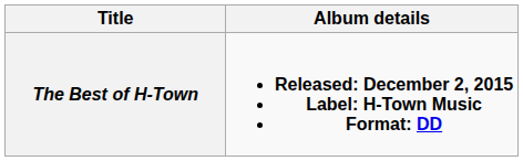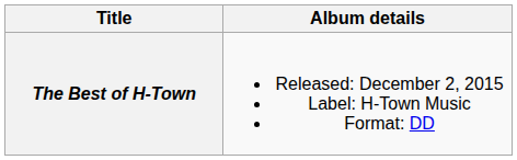 <table class="wikitable plainrowheaders" style="text-align:center;" border="1">
 <tr>
 <th scope="col" rowspan="1" style="width:12em;">Title</th>
 <th scope="col" rowspan="1" style="width:16em;">Album details</th>
 </tr>
 <tr>
 </tr>
 <tr>
 <th scope="row"><em>The Best of H-Town</em></th>
-<td><strong><br><ul><li>Released: December 2, 2015</li><li>Label: H-Town Music</li><li>Format: <a href='#'>DD</a></li></ul></strong></td>
+<td><br><ul><li>Released: December 2, 2015</li><li>Label: H-Town Music</li><li>Format: <a href='#'>DD</a></li></ul></td>
 </tr>
 </table>
